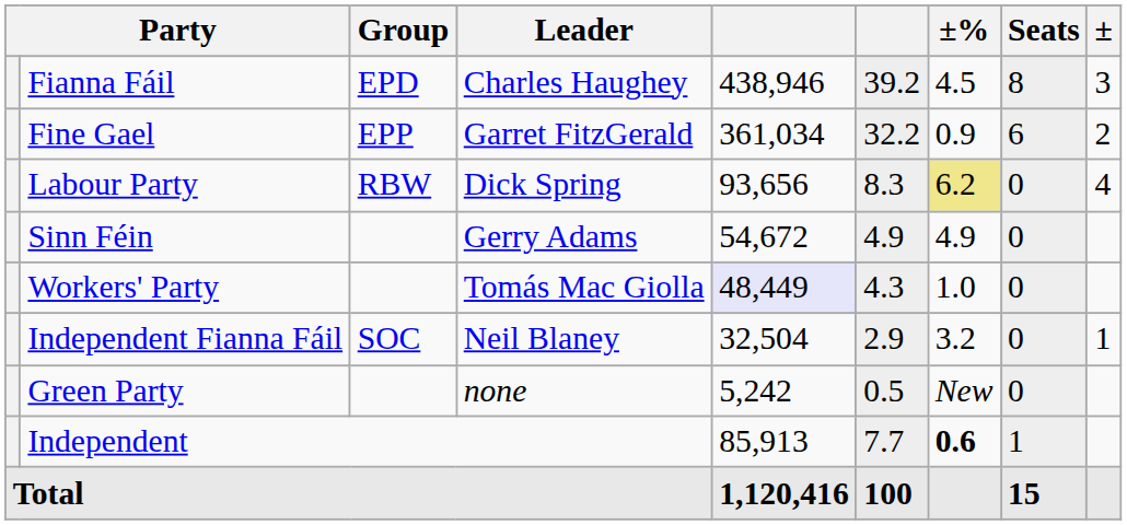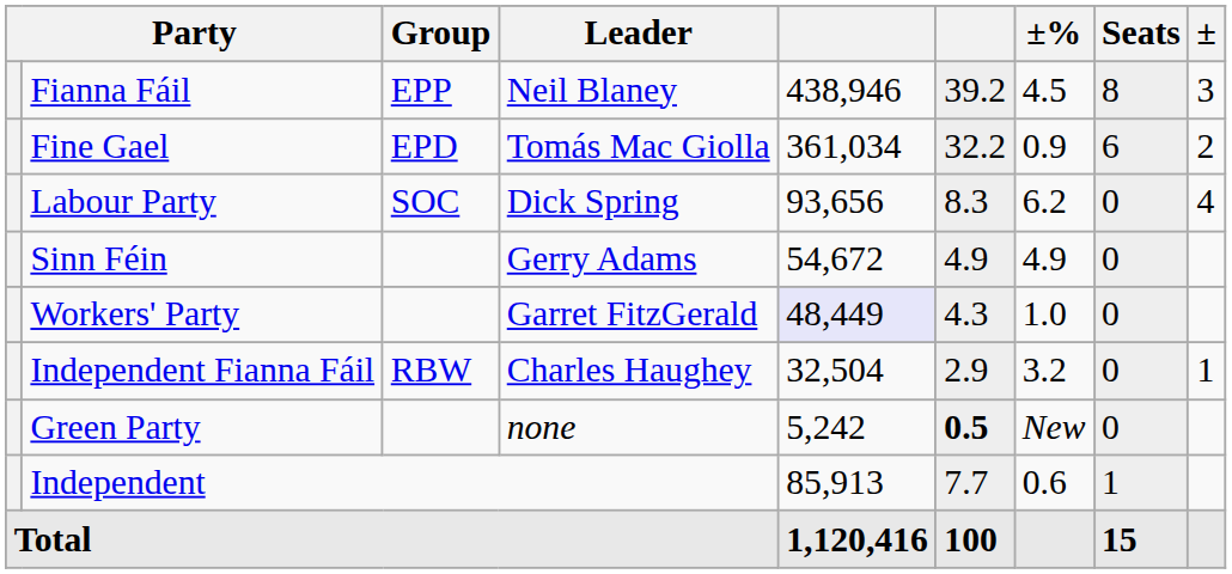 <table class="wikitable">
 <tr style="background-color:#C9C9C9">
 <th colspan=2>Party</th>
 <th>Group</th>
 <th>Leader</th>
 <th></th>
 <th></th>
 <th>±%</th>
 <th>Seats</th>
 <th>±</th>
 </tr>
 <tr>
 <th style="background-color: "></th>
 <td><a href='#'>Fianna Fáil</a></td>
-<td><a href='#'>EPD</a></td>
-<td><a href='#'>Charles Haughey</a></td>
+<td><a href='#'>EPP</a></td>
+<td><a href='#'>Neil Blaney</a></td>
 <td>438,946</td>
 <td style="background-color:#EEEEEE">39.2</td>
 <td>4.5</td>
 <td style="background-color:#EEEEEE">8</td>
 <td>3</td>
 </tr>
 <tr>
 <th style="background-color: "></th>
 <td><a href='#'>Fine Gael</a></td>
-<td><a href='#'>EPP</a></td>
-<td><a href='#'>Garret FitzGerald</a></td>
+<td><a href='#'>EPD</a></td>
+<td><a href='#'>Tomás Mac Giolla</a></td>
 <td>361,034</td>
 <td style="background-color:#EEEEEE">32.2</td>
 <td>0.9</td>
 <td style="background-color:#EEEEEE">6</td>
 <td>2</td>
 </tr>
 <tr>
 <th style="background-color: "></th>
 <td><a href='#'>Labour Party</a></td>
-<td><a href='#'>RBW</a></td>
+<td><a href='#'>SOC</a></td>
 <td><a href='#'>Dick Spring</a></td>
 <td>93,656</td>
 <td style="background-color:#EEEEEE">8.3</td>
-<td style="background: khaki;">6.2</td>
+<td>6.2</td>
 <td style="background-color:#EEEEEE">0</td>
 <td>4</td>
 </tr>
 <tr>
 <th style="background-color: "></th>
 <td><a href='#'>Sinn Féin</a></td>
 <td></td>
 <td><a href='#'>Gerry Adams</a></td>
 <td>54,672</td>
 <td style="background-color:#EEEEEE">4.9</td>
 <td>4.9</td>
 <td style="background-color:#EEEEEE">0</td>
 <td></td>
 </tr>
 <tr>
 <th style="background-color: "></th>
 <td><a href='#'>Workers' Party</a></td>
 <td></td>
-<td><a href='#'>Tomás Mac Giolla</a></td>
+<td><a href='#'>Garret FitzGerald</a></td>
 <td style="background: lavender;">48,449</td>
 <td style="background-color:#EEEEEE">4.3</td>
 <td>1.0</td>
 <td style="background-color:#EEEEEE">0</td>
 <td></td>
 </tr>
 <tr>
 <th style="background-color: "></th>
 <td><a href='#'>Independent Fianna Fáil</a></td>
-<td><a href='#'>SOC</a></td>
-<td><a href='#'>Neil Blaney</a></td>
+<td><a href='#'>RBW</a></td>
+<td><a href='#'>Charles Haughey</a></td>
 <td>32,504</td>
 <td style="background-color:#EEEEEE">2.9</td>
 <td>3.2</td>
 <td style="background-color:#EEEEEE">0</td>
 <td>1</td>
 </tr>
 <tr>
 <th style="background-color: "></th>
 <td><a href='#'>Green Party</a></td>
 <td></td>
 <td><em>none</em></td>
 <td>5,242</td>
-<td style="background-color:#EEEEEE">0.5</td>
+<td style="background-color:#EEEEEE"><strong>0.5</strong></td>
 <td><em>New</em></td>
 <td style="background-color:#EEEEEE">0</td>
 <td></td>
 </tr>
 <tr>
 <th style="background-color: "></th>
 <td colspan=3><a href='#'>Independent</a></td>
 <td>85,913</td>
 <td style="background-color:#EEEEEE">7.7</td>
-<td><strong>0.6</strong></td>
+<td>0.6</td>
 <td style="background-color:#EEEEEE">1</td>
 <td></td>
 </tr>
 <tr style="font-weight:bold; background:rgb(232,232,232);">
 <td colspan=4>Total</td>
 <td>1,120,416</td>
 <td>100</td>
 <td></td>
 <td>15</td>
 <td></td>
 </tr>
 </table>
